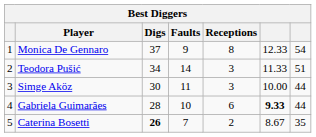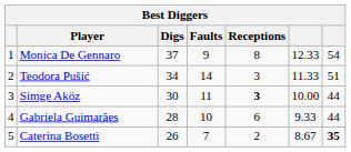 <table class="wikitable sortable" style=font-size:90%>
 <tr>
 <th colspan=7>Best Diggers</th>
 </tr>
 <tr>
 <th></th>
 <th width=158>Player</th>
 <th width=20>Digs</th>
 <th width=20>Faults</th>
 <th width=20>Receptions</th>
 <th width=20></th>
 <th width=20></th>
 </tr>
 <tr>
 <td>1</td>
 <td> <a href='#'>Monica De Gennaro</a></td>
 <td align=center>37</td>
 <td align=center>9</td>
 <td align=center>8</td>
 <td align=center>12.33</td>
 <td align=center>54</td>
 </tr>
 <tr>
 <td>2</td>
 <td> <a href='#'>Teodora Pušić</a></td>
 <td align=center>34</td>
 <td align=center>14</td>
 <td align=center>3</td>
 <td align=center>11.33</td>
 <td align=center>51</td>
 </tr>
 <tr>
 <td>3</td>
 <td> <a href='#'>Simge Aköz</a></td>
 <td align=center>30</td>
 <td align=center>11</td>
-<td align=center>3</td>
+<td align=center><strong>3</strong></td>
 <td align=center>10.00</td>
 <td align=center>44</td>
 </tr>
 <tr>
 <td>4</td>
 <td> <a href='#'>Gabriela Guimarães</a></td>
 <td align=center>28</td>
 <td align=center>10</td>
 <td align=center>6</td>
-<td align=center><strong>9.33</strong></td>
+<td align=center>9.33</td>
 <td align=center>44</td>
 </tr>
 <tr>
 <td>5</td>
 <td> <a href='#'>Caterina Bosetti</a></td>
-<td align=center><strong>26</strong></td>
+<td align=center>26</td>
 <td align=center>7</td>
 <td align=center>2</td>
 <td align=center>8.67</td>
-<td align=center>35</td>
+<td align=center><strong>35</strong></td>
 </tr>
 </table>
